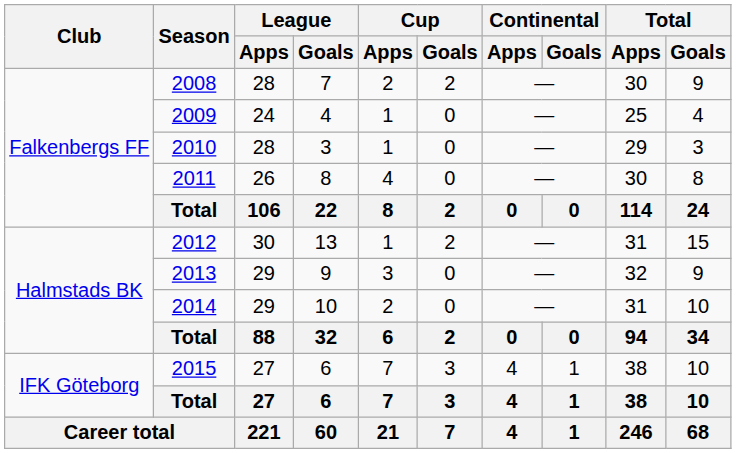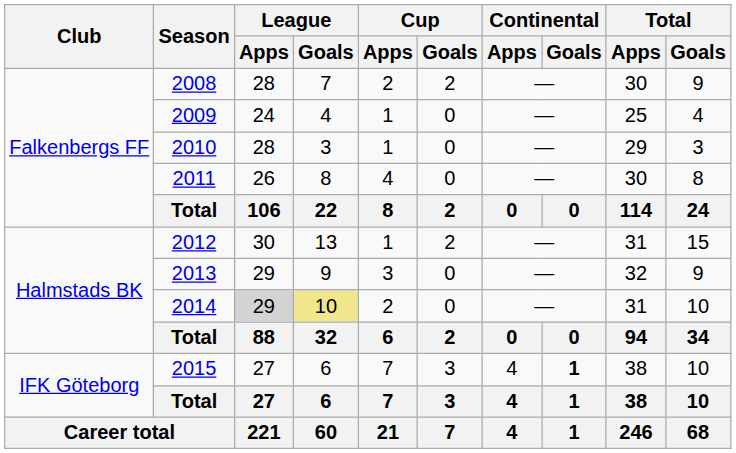 <table class="wikitable" style="text-align:center;">
 <tr>
 <th rowspan="2">Club</th>
 <th rowspan="2">Season</th>
 <th colspan="2">League</th>
 <th colspan="2">Cup</th>
 <th colspan="2">Continental</th>
 <th colspan="2">Total</th>
 </tr>
 <tr>
 <th>Apps</th>
 <th>Goals</th>
 <th>Apps</th>
 <th>Goals</th>
 <th>Apps</th>
 <th>Goals</th>
 <th>Apps</th>
 <th>Goals</th>
 </tr>
 <tr>
 <td rowspan="5"><a href='#'>Falkenbergs FF</a></td>
 <td><a href='#'>2008</a></td>
 <td>28</td>
 <td>7</td>
 <td>2</td>
 <td>2</td>
 <td colspan="2">—</td>
 <td>30</td>
 <td>9</td>
 </tr>
 <tr>
 <td><a href='#'>2009</a></td>
 <td>24</td>
 <td>4</td>
 <td>1</td>
 <td>0</td>
 <td colspan="2">—</td>
 <td>25</td>
 <td>4</td>
 </tr>
 <tr>
 <td><a href='#'>2010</a></td>
 <td>28</td>
 <td>3</td>
 <td>1</td>
 <td>0</td>
 <td colspan="2">—</td>
 <td>29</td>
 <td>3</td>
 </tr>
 <tr>
 <td><a href='#'>2011</a></td>
 <td>26</td>
 <td>8</td>
 <td>4</td>
 <td>0</td>
 <td colspan="2">—</td>
 <td>30</td>
 <td>8</td>
 </tr>
 <tr>
 <th>Total</th>
 <th>106</th>
 <th>22</th>
 <th>8</th>
 <th>2</th>
 <th>0</th>
 <th>0</th>
 <th>114</th>
 <th>24</th>
 </tr>
 <tr>
 <td rowspan="4"><a href='#'>Halmstads BK</a></td>
 <td><a href='#'>2012</a></td>
 <td>30</td>
 <td>13</td>
 <td>1</td>
 <td>2</td>
 <td colspan="2">—</td>
 <td>31</td>
 <td>15</td>
 </tr>
 <tr>
 <td><a href='#'>2013</a></td>
 <td>29</td>
 <td>9</td>
 <td>3</td>
 <td>0</td>
 <td colspan="2">—</td>
 <td>32</td>
 <td>9</td>
 </tr>
 <tr>
 <td><a href='#'>2014</a></td>
-<td>29</td>
-<td>10</td>
+<td style="background: lightgrey;">29</td>
+<td style="background: khaki;">10</td>
 <td>2</td>
 <td>0</td>
 <td colspan="2">—</td>
 <td>31</td>
 <td>10</td>
 </tr>
 <tr>
 <th>Total</th>
 <th>88</th>
 <th>32</th>
 <th>6</th>
 <th>2</th>
 <th>0</th>
 <th>0</th>
 <th>94</th>
 <th>34</th>
 </tr>
 <tr>
 <td rowspan="2"><a href='#'>IFK Göteborg</a></td>
 <td><a href='#'>2015</a></td>
 <td>27</td>
 <td>6</td>
 <td>7</td>
 <td>3</td>
 <td>4</td>
-<td>1</td>
+<td><strong>1</strong></td>
 <td>38</td>
 <td>10</td>
 </tr>
 <tr>
 <th>Total</th>
 <th>27</th>
 <th>6</th>
 <th>7</th>
 <th>3</th>
 <th>4</th>
 <th>1</th>
 <th>38</th>
 <th>10</th>
 </tr>
 <tr>
 <th colspan="2">Career total</th>
 <th>221</th>
 <th>60</th>
 <th>21</th>
 <th>7</th>
 <th>4</th>
 <th>1</th>
 <th>246</th>
 <th>68</th>
 </tr>
 </table>
